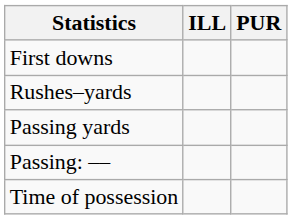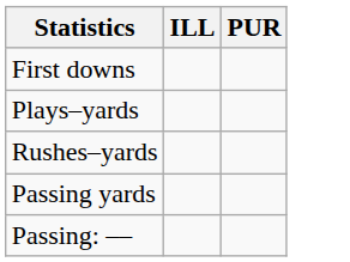 <table class="wikitable" style="float:left">
 <tr>
 <th>Statistics</th>
 <th>ILL</th>
 <th>PUR</th>
 </tr>
 <tr>
 <td>First downs</td>
+<td></td>
+<td></td>
+</tr>
+<tr>
+<td>Plays–yards</td>
 <td></td>
 <td></td>
 </tr>
 <tr>
 <td>Rushes–yards</td>
 <td></td>
 <td></td>
 </tr>
 <tr>
 <td>Passing yards</td>
 <td></td>
 <td></td>
 </tr>
 <tr>
 <td>Passing: ––</td>
 <td></td>
 <td></td>
 </tr>
-<tr>
-<td>Time of possession</td>
-<td></td>
-<td></td>
-</tr>
 </table>
